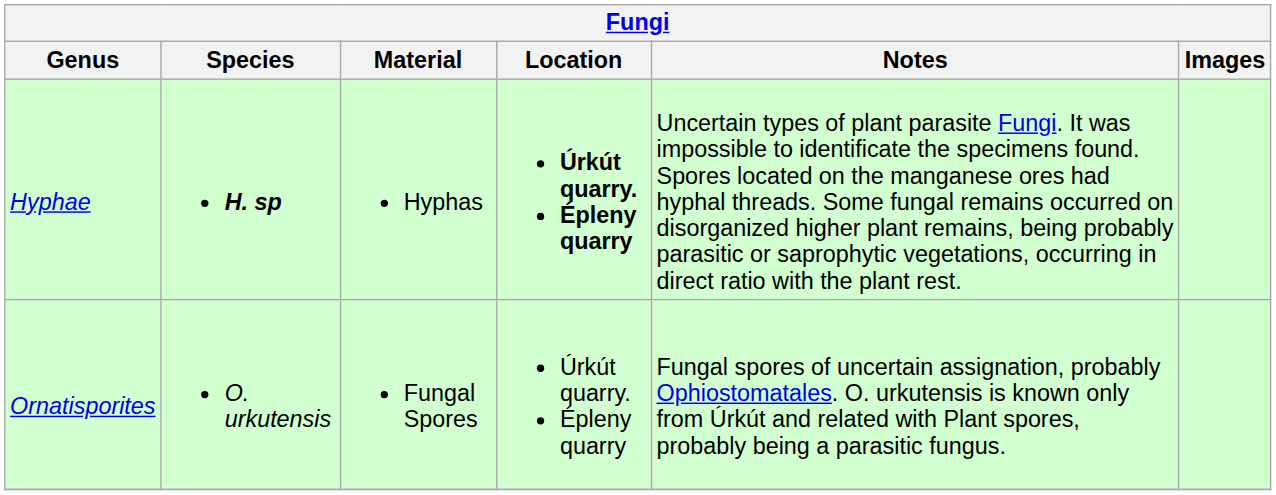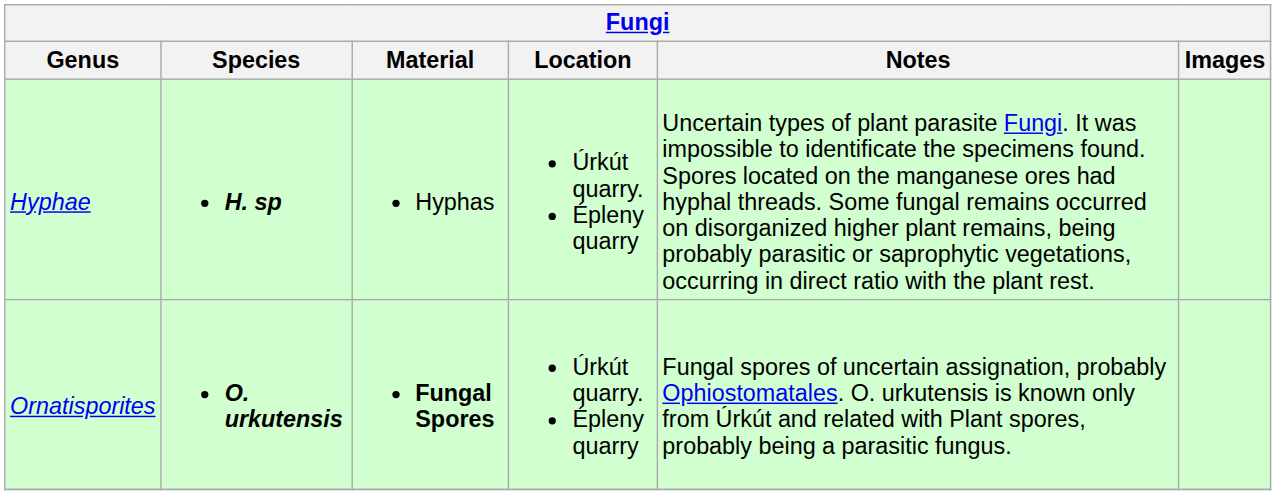 <table class="wikitable" align="center">
 <tr>
 <th colspan="6" align="center"><strong><a href='#'>Fungi</a></strong></th>
 </tr>
 <tr>
 <th>Genus</th>
 <th>Species</th>
 <th>Material</th>
 <th>Location</th>
 <th>Notes</th>
 <th>Images</th>
 </tr>
 <tr>
 <td style="background:#D1FFCF;"><br><em><a href='#'>Hyphae</a></em></td>
 <td style="background:#D1FFCF;"><strong><br><ul><li><em>H. sp</em></li></ul></strong></td>
 <td style="background:#D1FFCF;"><br><ul><li>Hyphas</li></ul></td>
-<td style="background:#D1FFCF;"><strong><br><ul><li>Úrkút quarry.</li><li>Épleny quarry</li></ul></strong></td>
+<td style="background:#D1FFCF;"><br><ul><li>Úrkút quarry.</li><li>Épleny quarry</li></ul></td>
 <td style="background:#D1FFCF;"><br>Uncertain types of plant parasite <a href='#'>Fungi</a>. It was impossible to identificate the specimens found. Spores located on the manganese ores had hyphal threads. Some fungal remains occurred on disorganized higher plant remains, being probably parasitic or saprophytic vegetations, occurring in direct ratio with the plant rest.</td>
 <td style="background:#D1FFCF;"></td>
 </tr>
 <tr>
 <td style="background:#D1FFCF;"><br><em><a href='#'>Ornatisporites</a></em></td>
-<td style="background:#D1FFCF;"><br><ul><li><em>O. urkutensis</em></li></ul></td>
-<td style="background:#D1FFCF;"><br><ul><li>Fungal Spores</li></ul></td>
+<td style="background:#D1FFCF;"><strong><br><ul><li><em>O. urkutensis</em></li></ul></strong></td>
+<td style="background:#D1FFCF;"><strong><br><ul><li>Fungal Spores</li></ul></strong></td>
 <td style="background:#D1FFCF;"><br><ul><li>Úrkút quarry.</li><li>Épleny quarry</li></ul></td>
 <td style="background:#D1FFCF;"><br>Fungal spores of uncertain assignation, probably <a href='#'>Ophiostomatales</a>. O. urkutensis is known only from Úrkút and related with Plant spores, probably being a parasitic fungus.</td>
 <td style="background:#D1FFCF;"></td>
 </tr>
 <tr>
 </tr>
 </table>
